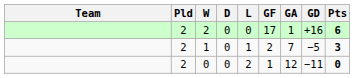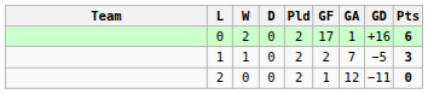 <table class=wikitable style="text-align:center">
 <tr>
 <th width=200>Team</th>
-<th width=20>Pld</th>
+<th width=20>L</th>
 <th width=20>W</th>
 <th width=20>D</th>
-<th width=20>L</th>
+<th width=20>Pld</th>
 <th width=20>GF</th>
 <th width=20>GA</th>
 <th width=20>GD</th>
 <th width=20>Pts</th>
 </tr>
 <tr style=background:#ccffcc>
 <td align=left></td>
-<td>2</td>
+<td>0</td>
 <td>2</td>
 <td>0</td>
-<td>0</td>
+<td>2</td>
 <td>17</td>
 <td>1</td>
 <td>+16</td>
 <td><strong>6</strong></td>
 </tr>
 <tr>
 <td align=left></td>
-<td>2</td>
+<td>1</td>
 <td>1</td>
 <td>0</td>
-<td>1</td>
+<td>2</td>
 <td>2</td>
 <td>7</td>
 <td>−5</td>
 <td><strong>3</strong></td>
 </tr>
 <tr>
 <td align=left></td>
 <td>2</td>
 <td>0</td>
 <td>0</td>
 <td>2</td>
 <td>1</td>
 <td>12</td>
 <td>−11</td>
 <td><strong>0</strong></td>
 </tr>
 </table>
